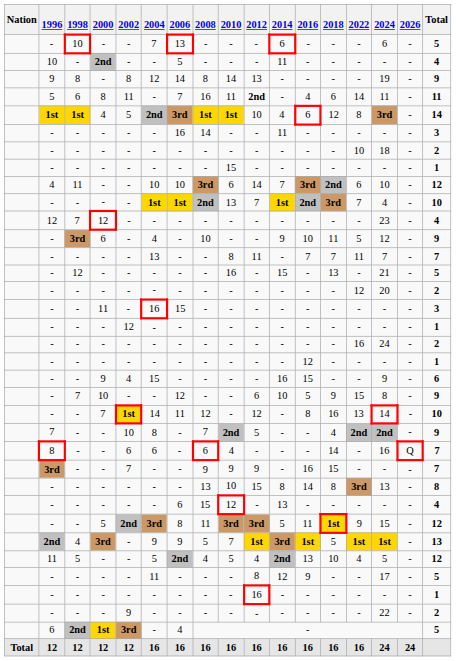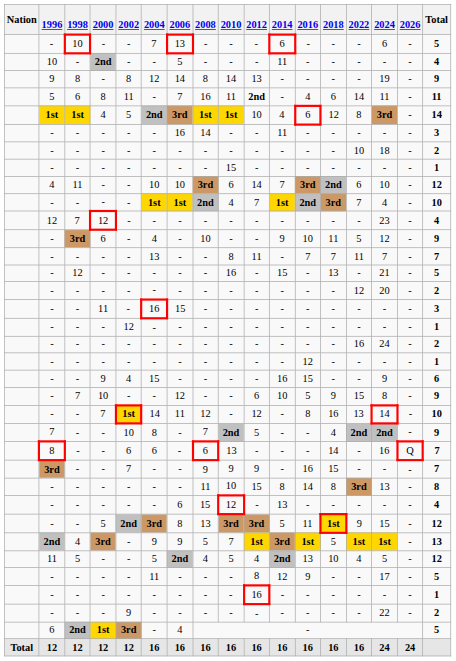 <table class="wikitable" style="text-align:center; font-size:90%">
 <tr>
 <th>Nation</th>
 <th><br><a href='#'>1996</a></th>
 <th><br><a href='#'>1998</a></th>
 <th><br><a href='#'>2000</a></th>
 <th><br><a href='#'>2002</a></th>
 <th><br><a href='#'>2004</a></th>
 <th><br><a href='#'>2006</a></th>
 <th><br><a href='#'>2008</a></th>
 <th><br><a href='#'>2010</a></th>
 <th><br><a href='#'>2012</a></th>
 <th><br><a href='#'>2014</a></th>
 <th><br><a href='#'>2016</a></th>
 <th><br><a href='#'>2018</a></th>
 <th><br><a href='#'>2022</a></th>
 <th><br><a href='#'>2024</a></th>
 <th><br><a href='#'>2026</a></th>
 <th>Total</th>
 </tr>
 <tr>
 <td align="left"></td>
 <td>-</td>
 <td style="border:3px solid red">10</td>
 <td>-</td>
 <td>-</td>
 <td>7</td>
 <td style="border:3px solid red">13</td>
 <td>-</td>
 <td>-</td>
 <td>-</td>
 <td style="border:3px solid red">6</td>
 <td>-</td>
 <td>-</td>
 <td>-</td>
 <td>6</td>
 <td>-</td>
 <td><strong>5</strong></td>
 </tr>
 <tr>
 <td align="left"></td>
 <td>10</td>
 <td>-</td>
 <td bgcolor=Silver><strong>2nd</strong></td>
 <td>-</td>
 <td>-</td>
 <td>5</td>
 <td>-</td>
 <td>-</td>
 <td>-</td>
 <td>11</td>
 <td>-</td>
 <td>-</td>
 <td>-</td>
 <td>-</td>
 <td>-</td>
 <td><strong>4</strong></td>
 </tr>
 <tr>
 <td align="left"></td>
 <td>9</td>
 <td>8</td>
 <td>-</td>
 <td>8</td>
 <td>12</td>
 <td>14</td>
 <td>8</td>
 <td>14</td>
 <td>13</td>
 <td>-</td>
 <td>-</td>
 <td>-</td>
 <td>-</td>
 <td>19</td>
 <td>-</td>
 <td><strong>9</strong></td>
 </tr>
 <tr>
 <td align=left></td>
 <td>5</td>
 <td>6</td>
 <td>8</td>
 <td>11</td>
 <td>-</td>
 <td>7</td>
 <td>16</td>
 <td>11</td>
 <td><strong>2nd</strong></td>
 <td>-</td>
 <td>4</td>
 <td>6</td>
 <td>14</td>
 <td>11</td>
 <td>-</td>
 <td><strong>11</strong></td>
 </tr>
 <tr>
 <td align=left></td>
 <td bgcolor=Gold><strong>1st</strong></td>
 <td bgcolor=Gold><strong>1st</strong></td>
 <td>4</td>
 <td>5</td>
 <td bgcolor=Silver><strong>2nd</strong></td>
 <td bgcolor=#cc9966><strong>3rd</strong></td>
 <td bgcolor=Gold><strong>1st</strong></td>
 <td bgcolor=Gold><strong>1st</strong></td>
 <td>10</td>
 <td>4</td>
 <td style="border:3px solid red">6</td>
 <td>12</td>
 <td>8</td>
 <td bgcolor=#cc9966><strong>3rd</strong></td>
 <td>-</td>
 <td><strong>14</strong></td>
 </tr>
 <tr>
 <td align="left"></td>
 <td>-</td>
 <td>-</td>
 <td>-</td>
 <td>-</td>
 <td>-</td>
 <td>16</td>
 <td>14</td>
 <td>-</td>
 <td>-</td>
 <td>11</td>
 <td>-</td>
 <td>-</td>
 <td>-</td>
 <td>-</td>
 <td>-</td>
 <td><strong>3</strong></td>
 </tr>
 <tr>
 <td align=left></td>
 <td>-</td>
 <td>-</td>
 <td>-</td>
 <td>-</td>
 <td>-</td>
 <td>-</td>
 <td>-</td>
 <td>-</td>
 <td>-</td>
 <td>-</td>
 <td>-</td>
 <td>-</td>
 <td>10</td>
 <td>18</td>
 <td>-</td>
 <td><strong>2</strong></td>
 </tr>
 <tr>
 <td align="left"></td>
 <td>-</td>
 <td>-</td>
 <td>-</td>
 <td>-</td>
 <td>-</td>
 <td>-</td>
 <td>-</td>
 <td>15</td>
 <td>-</td>
 <td>-</td>
 <td>-</td>
 <td>-</td>
 <td>-</td>
 <td>-</td>
 <td>-</td>
 <td><strong>1</strong></td>
 </tr>
 <tr>
 <td align="left"></td>
 <td>4</td>
 <td>11</td>
 <td>-</td>
 <td>-</td>
 <td>10</td>
 <td>10</td>
 <td bgcolor=#cc9966><strong>3rd</strong></td>
 <td>6</td>
 <td>14</td>
 <td>7</td>
 <td bgcolor=#cc9966><strong>3rd</strong></td>
 <td bgcolor=Silver><strong>2nd</strong></td>
 <td>6</td>
 <td>10</td>
 <td>-</td>
 <td><strong>12</strong></td>
 </tr>
 <tr>
 <td align="left"></td>
 <td>-</td>
 <td>-</td>
 <td>-</td>
 <td>-</td>
 <td bgcolor=Gold><strong>1st</strong></td>
 <td bgcolor=Gold><strong>1st</strong></td>
 <td bgcolor=Silver><strong>2nd</strong></td>
-<td>13</td>
+<td>4</td>
 <td>7</td>
 <td bgcolor=Gold><strong>1st</strong></td>
 <td bgcolor=Silver><strong>2nd</strong></td>
 <td bgcolor=#cc9966><strong>3rd</strong></td>
 <td>7</td>
 <td>4</td>
 <td>-</td>
 <td><strong>10</strong></td>
 </tr>
 <tr>
 <td align="left"></td>
 <td>12</td>
 <td>7</td>
 <td style="border:3px solid red">12</td>
 <td>-</td>
 <td>-</td>
 <td>-</td>
 <td>-</td>
 <td>-</td>
 <td>-</td>
 <td>-</td>
 <td>-</td>
 <td>-</td>
 <td>-</td>
 <td>23</td>
 <td>-</td>
 <td><strong>4</strong></td>
 </tr>
 <tr>
 <td align="left"></td>
 <td>-</td>
 <td bgcolor=#cc9966><strong>3rd</strong></td>
 <td>6</td>
 <td>-</td>
 <td>4</td>
 <td>-</td>
 <td>10</td>
 <td>-</td>
 <td>-</td>
 <td>9</td>
 <td>10</td>
 <td>11</td>
 <td>5</td>
 <td>12</td>
 <td>-</td>
 <td><strong>9</strong></td>
 </tr>
 <tr>
 <td align="left"></td>
 <td>-</td>
 <td>-</td>
 <td>-</td>
 <td>-</td>
 <td>13</td>
 <td>-</td>
 <td>-</td>
 <td>8</td>
 <td>11</td>
 <td>-</td>
 <td>7</td>
 <td>7</td>
 <td>11</td>
 <td>7</td>
 <td>-</td>
 <td><strong>7</strong></td>
 </tr>
 <tr>
 <td align="left"></td>
 <td>-</td>
 <td>12</td>
 <td>-</td>
 <td>-</td>
 <td>-</td>
 <td>-</td>
 <td>-</td>
 <td>16</td>
 <td>-</td>
 <td>15</td>
 <td>-</td>
 <td>13</td>
 <td>-</td>
 <td>21</td>
 <td>-</td>
 <td><strong>5</strong></td>
 </tr>
 <tr>
 <td align=left></td>
 <td>-</td>
 <td>-</td>
 <td>-</td>
 <td>-</td>
 <td>-</td>
 <td>-</td>
 <td>-</td>
 <td>-</td>
 <td>-</td>
 <td>-</td>
 <td>-</td>
 <td>-</td>
 <td>12</td>
 <td>20</td>
 <td>-</td>
 <td><strong>2</strong></td>
 </tr>
 <tr>
 <td align="left"></td>
 <td>-</td>
 <td>-</td>
 <td>11</td>
 <td>-</td>
 <td style="border:3px solid red">16</td>
 <td>15</td>
 <td>-</td>
 <td>-</td>
 <td>-</td>
 <td>-</td>
 <td>-</td>
 <td>-</td>
 <td>-</td>
 <td>-</td>
 <td>-</td>
 <td><strong>3</strong></td>
 </tr>
 <tr>
 <td align="left"></td>
 <td>-</td>
 <td>-</td>
 <td>-</td>
 <td>12</td>
 <td>-</td>
 <td>-</td>
 <td>-</td>
 <td>-</td>
 <td>-</td>
 <td>-</td>
 <td>-</td>
 <td>-</td>
 <td>-</td>
 <td>-</td>
 <td>-</td>
 <td><strong>1</strong></td>
 </tr>
 <tr>
 <td align=left></td>
 <td>-</td>
 <td>-</td>
 <td>-</td>
 <td>-</td>
 <td>-</td>
 <td>-</td>
 <td>-</td>
 <td>-</td>
 <td>-</td>
 <td>-</td>
 <td>-</td>
 <td>-</td>
 <td>16</td>
 <td>24</td>
 <td>-</td>
 <td><strong>2</strong></td>
 </tr>
 <tr>
 <td align="left"></td>
 <td>-</td>
 <td>-</td>
 <td>-</td>
 <td>-</td>
 <td>-</td>
 <td>-</td>
 <td>-</td>
 <td>-</td>
 <td>-</td>
 <td>-</td>
 <td>12</td>
 <td>-</td>
 <td>-</td>
 <td>-</td>
 <td>-</td>
 <td><strong>1</strong></td>
 </tr>
 <tr>
 <td align="left"></td>
 <td>-</td>
 <td>-</td>
 <td>9</td>
 <td>4</td>
 <td>15</td>
 <td>-</td>
 <td>-</td>
 <td>-</td>
 <td>-</td>
 <td>16</td>
 <td>15</td>
 <td>-</td>
 <td>-</td>
 <td>9</td>
 <td>-</td>
 <td><strong>6</strong></td>
 </tr>
 <tr>
 <td align="left"></td>
 <td>-</td>
 <td>7</td>
 <td>10</td>
 <td>-</td>
 <td>-</td>
 <td>12</td>
 <td>-</td>
 <td>-</td>
 <td>6</td>
 <td>10</td>
 <td>5</td>
 <td>9</td>
 <td>15</td>
 <td>8</td>
 <td>-</td>
 <td><strong>9</strong></td>
 </tr>
 <tr>
 <td align="left"></td>
 <td>-</td>
 <td>-</td>
 <td>7</td>
 <td style="border:3px solid red" bgcolor=Gold><strong>1st</strong></td>
 <td>14</td>
 <td>11</td>
 <td>12</td>
 <td>-</td>
 <td>12</td>
 <td>-</td>
 <td>8</td>
 <td>16</td>
 <td>13</td>
 <td style="border:3px solid red">14</td>
 <td>-</td>
 <td><strong>10</strong></td>
 </tr>
 <tr>
 <td align="left"></td>
 <td>7</td>
 <td>-</td>
 <td>-</td>
 <td>10</td>
 <td>8</td>
 <td>-</td>
 <td>7</td>
 <td bgcolor=Silver><strong>2nd</strong></td>
 <td>5</td>
 <td>-</td>
 <td>-</td>
 <td>4</td>
 <td bgcolor=Silver><strong>2nd</strong></td>
 <td bgcolor=Silver><strong>2nd</strong></td>
 <td>-</td>
 <td><strong>9</strong></td>
 </tr>
 <tr>
 <td align="left"></td>
 <td style="border:3px solid red">8</td>
 <td>-</td>
 <td>-</td>
 <td>6</td>
 <td>6</td>
 <td>-</td>
 <td style="border:3px solid red">6</td>
-<td>4</td>
+<td>13</td>
 <td>-</td>
 <td>-</td>
 <td>-</td>
 <td>14</td>
 <td>-</td>
 <td>16</td>
 <td style="border:3px solid red">Q</td>
 <td><strong>7</strong></td>
 </tr>
 <tr>
 <td align="left"></td>
 <td bgcolor=#cc9966><strong>3rd</strong></td>
 <td>-</td>
 <td>-</td>
 <td>7</td>
 <td>-</td>
 <td>-</td>
 <td>9</td>
 <td>9</td>
 <td>9</td>
 <td>-</td>
 <td>16</td>
 <td>15</td>
 <td>-</td>
 <td>-</td>
 <td>-</td>
 <td><strong>7</strong></td>
 </tr>
 <tr>
 <td align="left"></td>
 <td>-</td>
 <td>-</td>
 <td>-</td>
 <td>-</td>
 <td>-</td>
 <td>-</td>
-<td>13</td>
+<td>11</td>
 <td>10</td>
 <td>15</td>
 <td>8</td>
 <td>14</td>
 <td>8</td>
 <td bgcolor=#cc9966><strong>3rd</strong></td>
 <td>13</td>
 <td>-</td>
 <td><strong>8</strong></td>
 </tr>
 <tr>
 <td align="left"></td>
 <td>-</td>
 <td>-</td>
 <td>-</td>
 <td>-</td>
 <td>-</td>
 <td>6</td>
 <td>15</td>
 <td style="border:3px solid red">12</td>
 <td>-</td>
 <td>13</td>
 <td>-</td>
 <td>-</td>
 <td>-</td>
 <td>-</td>
 <td>-</td>
 <td><strong>4</strong></td>
 </tr>
 <tr>
 <td align="left"></td>
 <td>-</td>
 <td>-</td>
 <td>5</td>
 <td bgcolor=Silver><strong>2nd</strong></td>
 <td bgcolor=#cc9966><strong>3rd</strong></td>
 <td>8</td>
-<td>11</td>
+<td>13</td>
 <td bgcolor=#cc9966><strong>3rd</strong></td>
 <td bgcolor=#cc9966><strong>3rd</strong></td>
 <td>5</td>
 <td>11</td>
 <td style="border:3px solid red" bgcolor=Gold><strong>1st</strong></td>
 <td>9</td>
 <td>15</td>
 <td>-</td>
 <td><strong>12</strong></td>
 </tr>
 <tr>
 <td align="left"></td>
 <td bgcolor=Silver><strong>2nd</strong></td>
 <td>4</td>
 <td bgcolor=#cc9966><strong>3rd</strong></td>
 <td>-</td>
 <td>9</td>
 <td>9</td>
 <td>5</td>
 <td>7</td>
 <td bgcolor=Gold><strong>1st</strong></td>
 <td bgcolor=#cc9966><strong>3rd</strong></td>
 <td bgcolor=Gold><strong>1st</strong></td>
 <td>5</td>
 <td bgcolor=Gold><strong>1st</strong></td>
 <td bgcolor=Gold><strong>1st</strong></td>
 <td>-</td>
 <td><strong>13</strong></td>
 </tr>
 <tr>
 <td align="left"></td>
 <td>11</td>
 <td>5</td>
 <td>-</td>
 <td>-</td>
 <td>5</td>
 <td bgcolor=Silver><strong>2nd</strong></td>
 <td>4</td>
 <td>5</td>
 <td>4</td>
 <td bgcolor=Silver><strong>2nd</strong></td>
 <td>13</td>
 <td>10</td>
 <td>4</td>
 <td>5</td>
 <td>-</td>
 <td><strong>12</strong></td>
 </tr>
 <tr>
 <td align="left"></td>
 <td>-</td>
 <td>-</td>
 <td>-</td>
 <td>-</td>
 <td>11</td>
 <td>-</td>
 <td>-</td>
 <td>-</td>
 <td>8</td>
 <td>12</td>
 <td>9</td>
 <td>-</td>
 <td>-</td>
 <td>17</td>
 <td>-</td>
 <td><strong>5</strong></td>
 </tr>
 <tr>
 <td align="left"></td>
 <td>-</td>
 <td>-</td>
 <td>-</td>
 <td>-</td>
 <td>-</td>
 <td>-</td>
 <td>-</td>
 <td>-</td>
 <td style="border:3px solid red">16</td>
 <td>-</td>
 <td>-</td>
 <td>-</td>
 <td>-</td>
 <td>-</td>
 <td>-</td>
 <td><strong>1</strong></td>
 </tr>
 <tr>
 <td align="left"></td>
 <td>-</td>
 <td>-</td>
 <td>-</td>
 <td>9</td>
 <td>-</td>
 <td>-</td>
 <td>-</td>
 <td>-</td>
 <td>-</td>
 <td>-</td>
 <td>-</td>
 <td>-</td>
 <td>-</td>
 <td>22</td>
 <td>-</td>
 <td><strong>2</strong></td>
 </tr>
 <tr>
 <td align=left><em></td>
 <td>6</td>
 <td bgcolor=Silver><strong>2nd</strong></td>
 <td bgcolor=Gold><strong>1st</strong></td>
 <td bgcolor=#cc9966><strong>3rd</strong></td>
 <td>-</td>
 <td>4</td>
 <td colspan="9">-</td>
 <td><strong>5</strong></td>
 </tr>
 <tr class="sortbottom" style="background-color: #e6e6e6;font-weight: bold;">
 <td>Total</td>
 <td>12</td>
 <td>12</td>
 <td>12</td>
 <td>12</td>
 <td>16</td>
 <td>16</td>
 <td>16</td>
 <td>16</td>
 <td>16</td>
 <td>16</td>
 <td>16</td>
 <td>16</td>
 <td>16</td>
 <td>24</td>
 <td>24</td>
 <td></td>
 </tr>
 </table>
